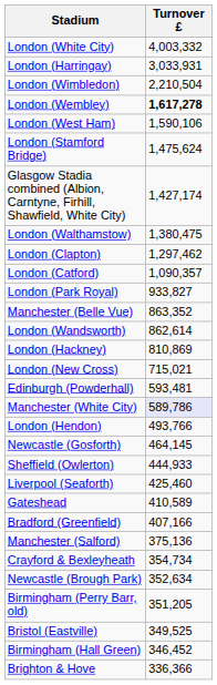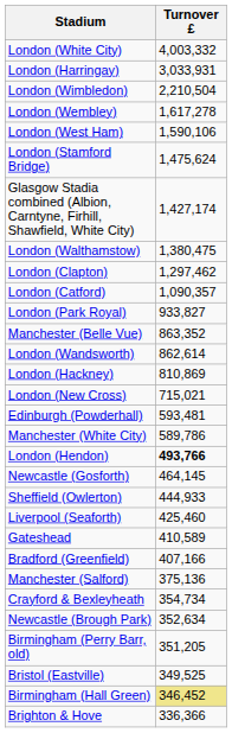 <table class="wikitable">
 <tr>
 <th width=180>Stadium</th>
 <th width=80>Turnover £</th>
 </tr>
 <tr>
 <td><a href='#'>London (White City)</a></td>
 <td>4,003,332</td>
 </tr>
 <tr>
 <td><a href='#'>London (Harringay)</a></td>
 <td>3,033,931</td>
 </tr>
 <tr>
 <td><a href='#'>London (Wimbledon)</a></td>
 <td>2,210,504</td>
 </tr>
 <tr>
 <td><a href='#'>London (Wembley)</a></td>
-<td><strong>1,617,278</strong></td>
+<td>1,617,278</td>
 </tr>
 <tr>
 <td><a href='#'>London (West Ham)</a></td>
 <td>1,590,106</td>
 </tr>
 <tr>
 <td><a href='#'>London (Stamford Bridge)</a></td>
 <td>1,475,624</td>
 </tr>
 <tr>
 <td>Glasgow Stadia combined (Albion, Carntyne, Firhill, Shawfield, White City)</td>
 <td>1,427,174</td>
 </tr>
 <tr>
 <td><a href='#'>London (Walthamstow)</a></td>
 <td>1,380,475</td>
 </tr>
 <tr>
 <td><a href='#'>London (Clapton)</a></td>
 <td>1,297,462</td>
 </tr>
 <tr>
 <td><a href='#'>London (Catford)</a></td>
 <td>1,090,357</td>
 </tr>
 <tr>
 <td><a href='#'>London (Park Royal)</a></td>
 <td>933,827</td>
 </tr>
 <tr>
 <td><a href='#'>Manchester (Belle Vue)</a></td>
 <td>863,352</td>
 </tr>
 <tr>
 <td><a href='#'>London (Wandsworth)</a></td>
 <td>862,614</td>
 </tr>
 <tr>
 <td><a href='#'>London (Hackney)</a></td>
 <td>810,869</td>
 </tr>
 <tr>
 <td><a href='#'>London (New Cross)</a></td>
 <td>715,021</td>
 </tr>
 <tr>
 <td><a href='#'>Edinburgh (Powderhall)</a></td>
 <td>593,481</td>
 </tr>
 <tr>
 <td><a href='#'>Manchester (White City)</a></td>
-<td style="background: lavender;">589,786</td>
+<td>589,786</td>
 </tr>
 <tr>
 <td><a href='#'>London (Hendon)</a></td>
-<td>493,766</td>
+<td><strong>493,766</strong></td>
 </tr>
 <tr>
 <td><a href='#'>Newcastle (Gosforth)</a></td>
 <td>464,145</td>
 </tr>
 <tr>
 <td><a href='#'>Sheffield (Owlerton)</a></td>
 <td>444,933</td>
 </tr>
 <tr>
 <td><a href='#'>Liverpool (Seaforth)</a></td>
 <td>425,460</td>
 </tr>
 <tr>
 <td><a href='#'>Gateshead</a></td>
 <td>410,589</td>
 </tr>
 <tr>
 <td><a href='#'>Bradford (Greenfield)</a></td>
 <td>407,166</td>
 </tr>
 <tr>
 <td><a href='#'>Manchester (Salford)</a></td>
 <td>375,136</td>
 </tr>
 <tr>
 <td><a href='#'>Crayford & Bexleyheath</a></td>
 <td>354,734</td>
 </tr>
 <tr>
 <td><a href='#'>Newcastle (Brough Park)</a></td>
 <td>352,634</td>
 </tr>
 <tr>
 <td><a href='#'>Birmingham (Perry Barr, old)</a></td>
 <td>351,205</td>
 </tr>
 <tr>
 <td><a href='#'>Bristol (Eastville)</a></td>
 <td>349,525</td>
 </tr>
 <tr>
 <td><a href='#'>Birmingham (Hall Green)</a></td>
-<td>346,452</td>
+<td style="background: khaki;">346,452</td>
 </tr>
 <tr>
 <td><a href='#'>Brighton & Hove</a></td>
 <td>336,366</td>
 </tr>
 </table>
